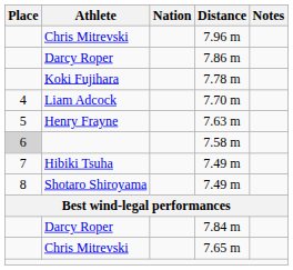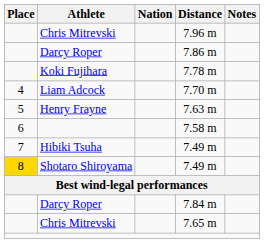 <table class="wikitable mw-datatable sortable" style="text-align:center;">
 <tr>
 <th scope="col">Place</th>
 <th scope="col">Athlete</th>
 <th scope="col">Nation</th>
 <th scope="col">Distance</th>
 <th scope="col">Notes</th>
 </tr>
 <tr>
 <td></td>
 <td align="left"><a href='#'>Chris Mitrevski</a></td>
 <td align="left"></td>
 <td>7.96 m </td>
 <td></td>
 </tr>
 <tr>
 <td></td>
 <td align="left"><a href='#'>Darcy Roper</a></td>
 <td align="left"></td>
 <td>7.86 m </td>
 <td></td>
 </tr>
 <tr>
 <td></td>
 <td align="left"><a href='#'>Koki Fujihara</a></td>
 <td align="left"></td>
 <td>7.78 m </td>
 <td></td>
 </tr>
 <tr>
 <td>4</td>
 <td align="left"><a href='#'>Liam Adcock</a></td>
 <td align="left"></td>
 <td>7.70 m </td>
 <td></td>
 </tr>
 <tr>
 <td>5</td>
 <td align="left"><a href='#'>Henry Frayne</a></td>
 <td align="left"></td>
 <td>7.63 m </td>
 <td></td>
 </tr>
 <tr>
-<td style="background: lightgrey;">6</td>
+<td>6</td>
 <td align="left"></td>
 <td align="left"></td>
 <td>7.58 m </td>
 <td></td>
 </tr>
 <tr>
 <td>7</td>
 <td align="left"><a href='#'>Hibiki Tsuha</a></td>
 <td align="left"></td>
 <td>7.49 m </td>
 <td></td>
 </tr>
 <tr>
-<td>8</td>
+<td style="background: gold;">8</td>
 <td align="left"><a href='#'>Shotaro Shiroyama</a></td>
 <td align="left"></td>
 <td>7.49 m </td>
 <td></td>
 </tr>
 <tr>
 <th align=center colspan=5>Best wind-legal performances</th>
 </tr>
 <tr>
 <td></td>
 <td align="left"><a href='#'>Darcy Roper</a></td>
 <td align="left"></td>
 <td>7.84 m </td>
 <td></td>
 </tr>
 <tr>
 <td></td>
 <td align="left"><a href='#'>Chris Mitrevski</a></td>
 <td align="left"></td>
 <td>7.65 m </td>
 <td></td>
 </tr>
 <tr class="sortbottom">
 <td colspan="5"></td>
 </tr>
 </table>
